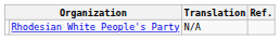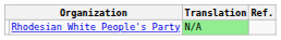 <table class="wikitable">
 <tr>
 <th colspan="2">Organization</th>
 <th>Translation</th>
 <th>Ref.</th>
 </tr>
 <tr>
 <td></td>
 <td><a href='#'>Rhodesian White People's Party</a></td>
-<td>N/A</td>
+<td style="background: lightgreen;">N/A</td>
 <td></td>
 </tr>
 </table>
